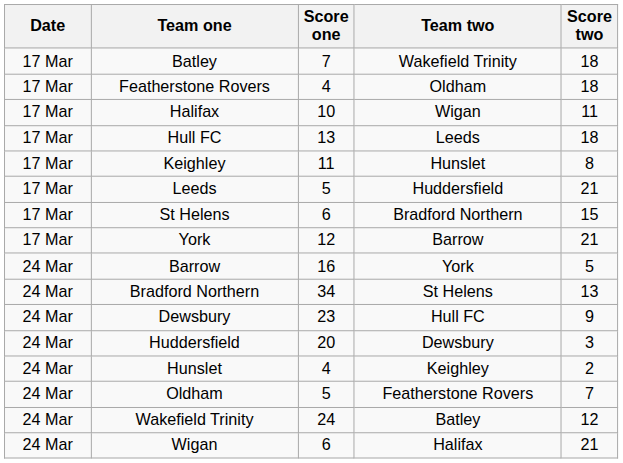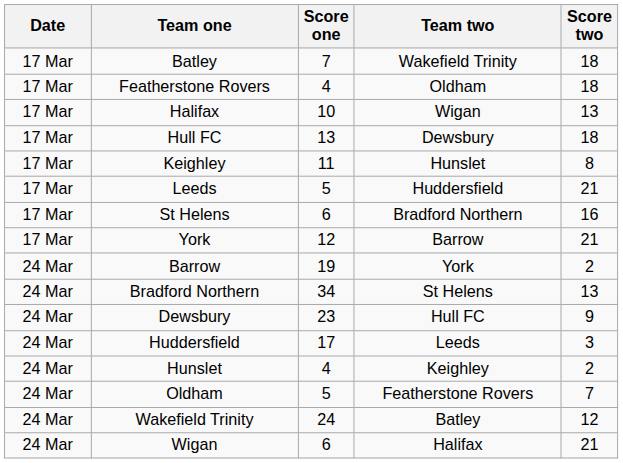 <table class="wikitable" style="text-align: center">
 <tr>
 <th width=100>Date</th>
 <th width=250>Team one</th>
 <th width=50>Score one</th>
 <th width=250>Team two</th>
 <th width=50>Score two</th>
 </tr>
 <tr>
 <td>17 Mar</td>
 <td>Batley</td>
 <td>7</td>
 <td>Wakefield Trinity</td>
 <td>18</td>
 </tr>
 <tr>
 <td>17 Mar</td>
 <td>Featherstone Rovers</td>
 <td>4</td>
 <td>Oldham</td>
 <td>18</td>
 </tr>
 <tr>
 <td>17 Mar</td>
 <td>Halifax</td>
 <td>10</td>
 <td>Wigan</td>
-<td>11</td>
+<td>13</td>
 </tr>
 <tr>
 <td>17 Mar</td>
 <td>Hull FC</td>
 <td>13</td>
-<td>Leeds</td>
+<td>Dewsbury</td>
 <td>18</td>
 </tr>
 <tr>
 <td>17 Mar</td>
 <td>Keighley</td>
 <td>11</td>
 <td>Hunslet</td>
 <td>8</td>
 </tr>
 <tr>
 <td>17 Mar</td>
 <td>Leeds</td>
 <td>5</td>
 <td>Huddersfield</td>
 <td>21</td>
 </tr>
 <tr>
 <td>17 Mar</td>
 <td>St Helens</td>
 <td>6</td>
 <td>Bradford Northern</td>
-<td>15</td>
+<td>16</td>
 </tr>
 <tr>
 <td>17 Mar</td>
 <td>York</td>
 <td>12</td>
 <td>Barrow</td>
 <td>21</td>
 </tr>
 <tr>
 <td>24 Mar</td>
 <td>Barrow</td>
-<td>16</td>
+<td>19</td>
 <td>York</td>
-<td>5</td>
+<td>2</td>
 </tr>
 <tr>
 <td>24 Mar</td>
 <td>Bradford Northern</td>
 <td>34</td>
 <td>St Helens</td>
 <td>13</td>
 </tr>
 <tr>
 <td>24 Mar</td>
 <td>Dewsbury</td>
 <td>23</td>
 <td>Hull FC</td>
 <td>9</td>
 </tr>
 <tr>
 <td>24 Mar</td>
 <td>Huddersfield</td>
-<td>20</td>
-<td>Dewsbury</td>
+<td>17</td>
+<td>Leeds</td>
 <td>3</td>
 </tr>
 <tr>
 <td>24 Mar</td>
 <td>Hunslet</td>
 <td>4</td>
 <td>Keighley</td>
 <td>2</td>
 </tr>
 <tr>
 <td>24 Mar</td>
 <td>Oldham</td>
 <td>5</td>
 <td>Featherstone Rovers</td>
 <td>7</td>
 </tr>
 <tr>
 <td>24 Mar</td>
 <td>Wakefield Trinity</td>
 <td>24</td>
 <td>Batley</td>
 <td>12</td>
 </tr>
 <tr>
 <td>24 Mar</td>
 <td>Wigan</td>
 <td>6</td>
 <td>Halifax</td>
 <td>21</td>
 </tr>
 </table>
